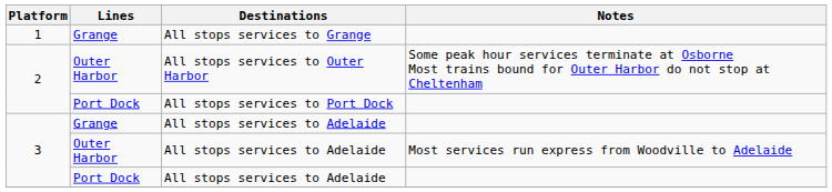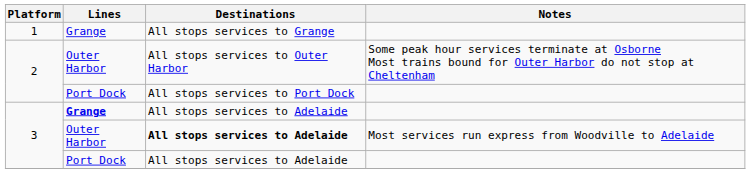 <table class="wikitable" style="float: none; margin: 0.5em; ">
 <tr>
 <th>Platform</th>
 <th>Lines</th>
 <th>Destinations</th>
 <th>Notes</th>
 </tr>
 <tr>
 <td rowspan="1" style="text-align:center;">1</td>
 <td style=background:#><a href='#'><span>Grange</span></a></td>
 <td>All stops services to <a href='#'>Grange</a></td>
 <td></td>
 </tr>
 <tr>
 <td rowspan="2" style="text-align:center;">2</td>
 <td style=background:#><a href='#'><span>Outer Harbor</span></a></td>
 <td>All stops services to <a href='#'>Outer Harbor</a></td>
 <td>Some peak hour services terminate at <a href='#'>Osborne</a><br>Most trains bound for <a href='#'>Outer Harbor</a> do not stop at <a href='#'>Cheltenham</a></td>
 </tr>
 <tr>
 <td style=background:#><a href='#'><span>Port Dock</span></a></td>
 <td>All stops services to <a href='#'>Port Dock</a></td>
 <td></td>
 </tr>
 <tr>
 <td rowspan="3" style="text-align:center;">3</td>
-<td style=background:#><a href='#'><span>Grange</span></a></td>
+<td style=background:#><strong><a href='#'><span>Grange</span></a></strong></td>
 <td>All stops services to <a href='#'>Adelaide</a></td>
 <td></td>
 </tr>
 <tr>
 <td style=background:#><a href='#'><span>Outer Harbor</span></a></td>
-<td>All stops services to Adelaide</td>
+<td><strong>All stops services to Adelaide</strong></td>
 <td>Most services run express from Woodville to <a href='#'>Adelaide</a></td>
 </tr>
 <tr>
 <td style=background:#><a href='#'><span>Port Dock</span></a></td>
 <td>All stops services to Adelaide</td>
 <td></td>
 </tr>
 <tr>
 </tr>
 </table>
